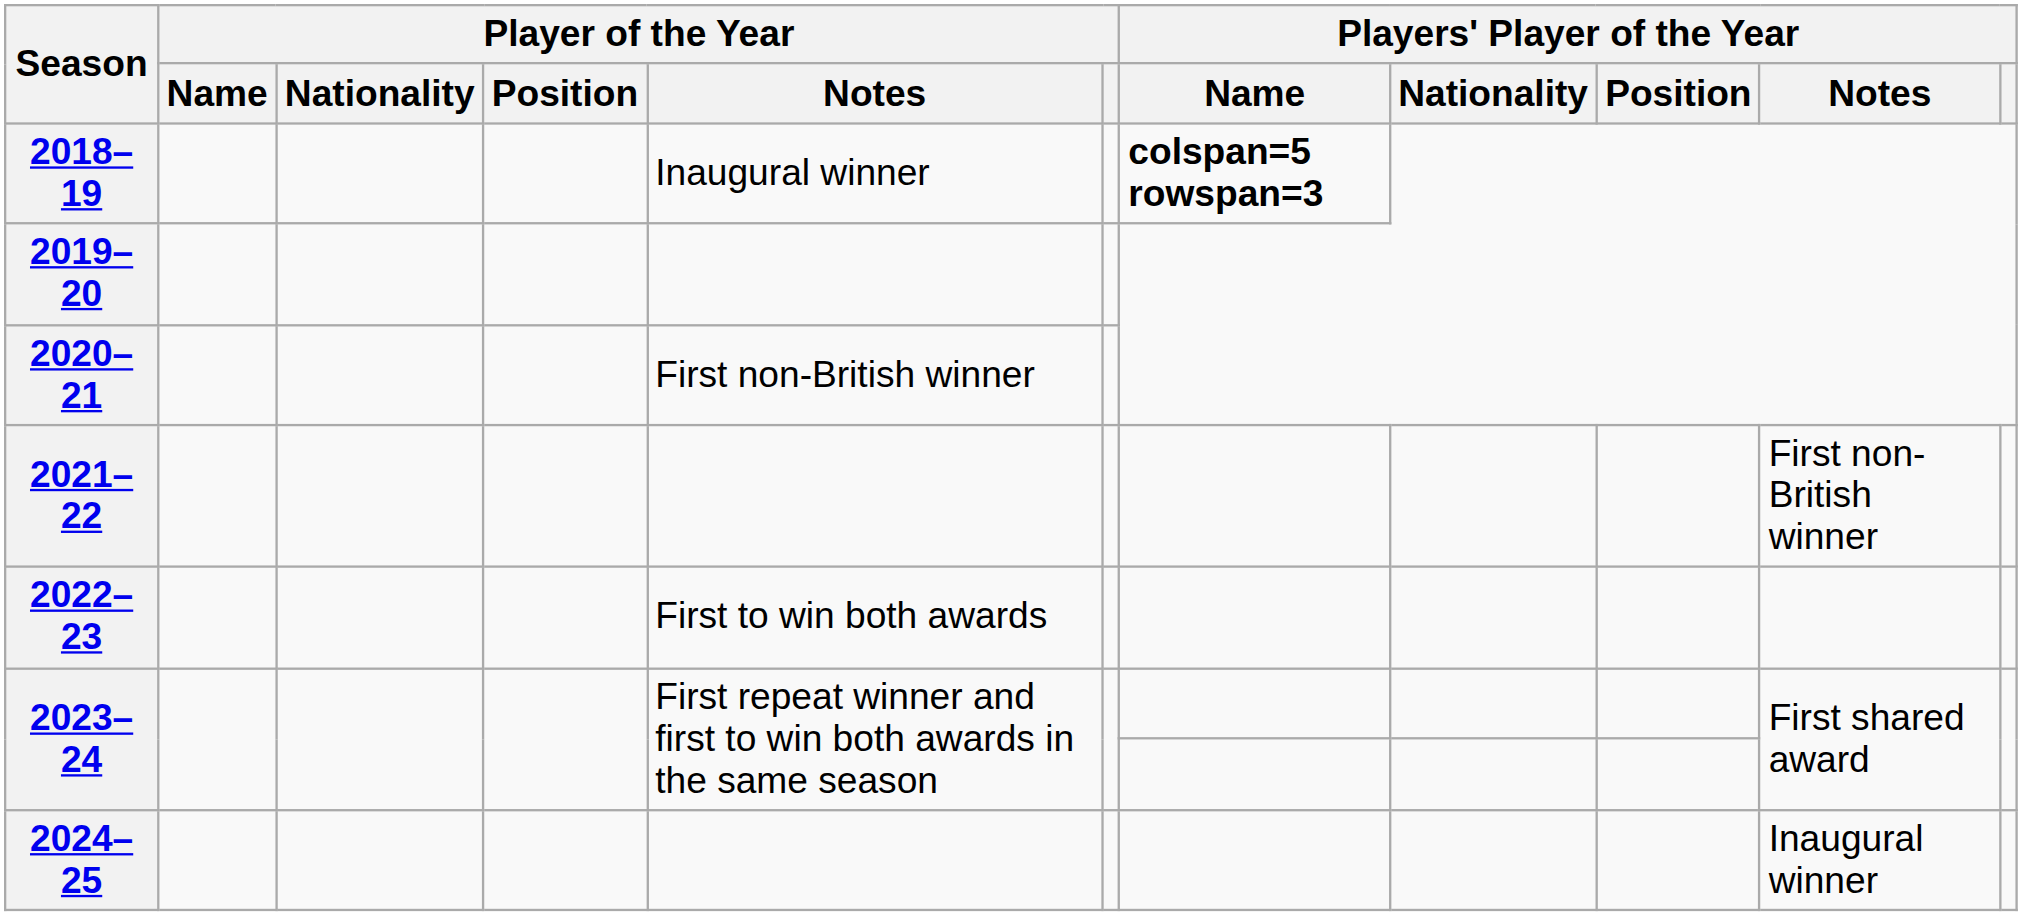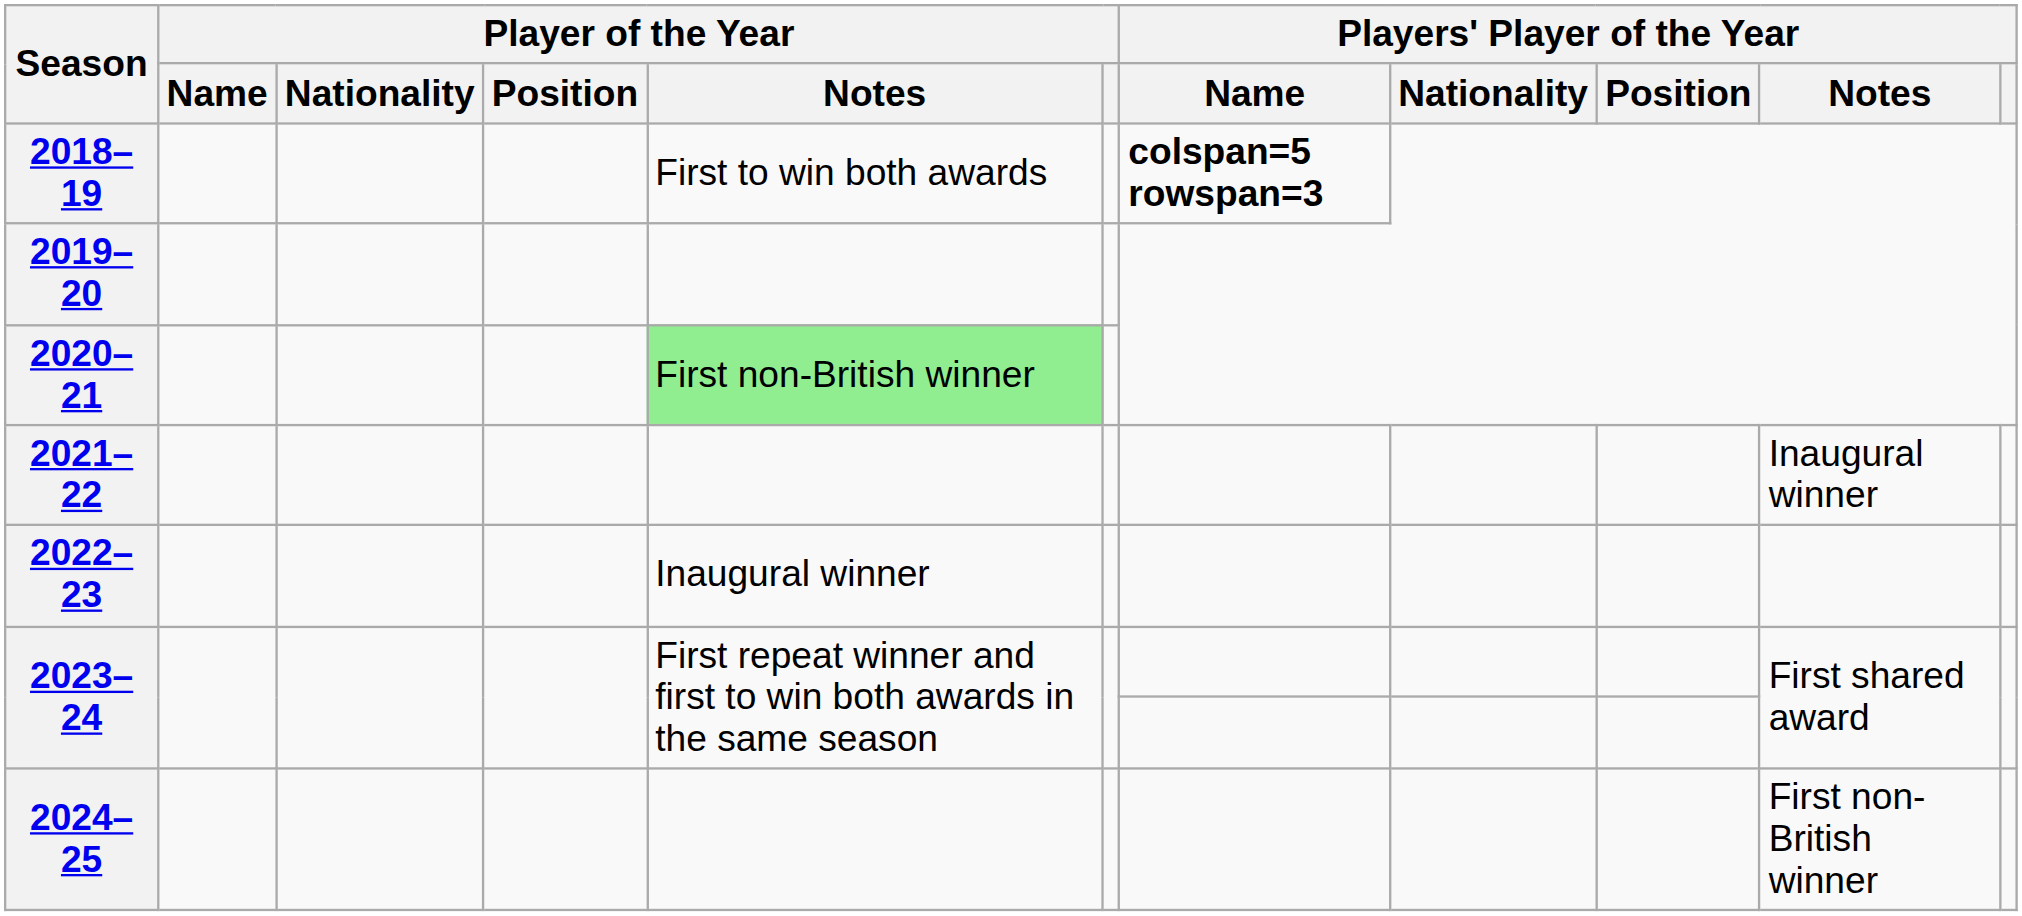 <table class="wikitable plainrowheaders sortable">
 <tr>
 <th scope="col" rowspan=2>Season</th>
 <th scope="col" colspan=5>Player of the Year</th>
 <th scope="col" colspan=5>Players' Player of the Year</th>
 </tr>
 <tr>
 <th scope="col">Name</th>
 <th scope="col">Nationality</th>
 <th scope="col">Position</th>
 <th scope="col">Notes</th>
 <th scope="col" class="unsortable"></th>
 <th scope="col">Name</th>
 <th scope="col">Nationality</th>
 <th scope="col">Position</th>
 <th scope="col">Notes</th>
 <th scope="col" class="unsortable"></th>
 </tr>
 <tr>
 <th scope="row" style="text-align:center"><a href='#'>2018–19</a></th>
 <td></td>
 <td></td>
 <td></td>
-<td>Inaugural winner</td>
+<td>First to win both awards</td>
 <td></td>
 <td><strong>colspan=5 rowspan=3 </strong></td>
 </tr>
 <tr>
 <th scope="row" style="text-align:center"><a href='#'>2019–20</a></th>
 <td></td>
 <td></td>
 <td></td>
 <td></td>
 <td></td>
 </tr>
 <tr>
 <th scope="row" style="text-align:center"><a href='#'>2020–21</a></th>
 <td></td>
 <td></td>
 <td></td>
-<td>First non-British winner</td>
+<td style="background: lightgreen;">First non-British winner</td>
 <td></td>
 </tr>
 <tr>
 <th scope="row" style="text-align:center"><a href='#'>2021–22</a></th>
 <td></td>
 <td></td>
 <td></td>
 <td></td>
 <td></td>
 <td></td>
 <td></td>
 <td></td>
-<td>First non-British winner</td>
+<td>Inaugural winner</td>
 <td></td>
 </tr>
 <tr>
 <th scope="row" style="text-align:center"><a href='#'>2022–23</a></th>
 <td></td>
 <td></td>
 <td></td>
-<td>First to win both awards</td>
+<td>Inaugural winner</td>
 <td></td>
 <td></td>
 <td></td>
 <td></td>
 <td></td>
 <td></td>
 </tr>
 <tr>
 <th rowspan="2" scope="row" style="text-align:center"><a href='#'>2023–24</a></th>
 <td rowspan="2"></td>
 <td rowspan="2"></td>
 <td rowspan="2"></td>
 <td rowspan="2">First repeat winner and first to win both awards in the same season</td>
 <td rowspan="2"></td>
 <td></td>
 <td></td>
 <td></td>
 <td rowspan="2">First shared award</td>
 <td rowspan="2"></td>
 </tr>
 <tr>
 <td></td>
 <td></td>
 <td></td>
 </tr>
 <tr>
 <th scope="row" style="text-align:center"><a href='#'>2024–25</a></th>
 <td></td>
 <td></td>
 <td></td>
 <td></td>
 <td></td>
 <td></td>
 <td></td>
 <td></td>
-<td>Inaugural winner</td>
+<td>First non-British winner</td>
 <td></td>
 </tr>
 </table>
